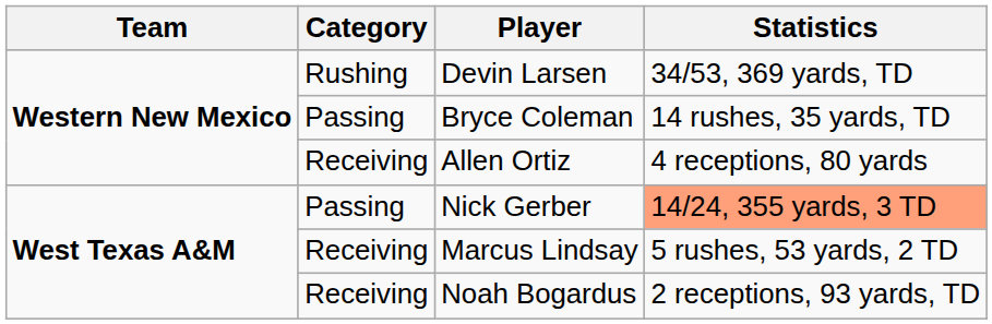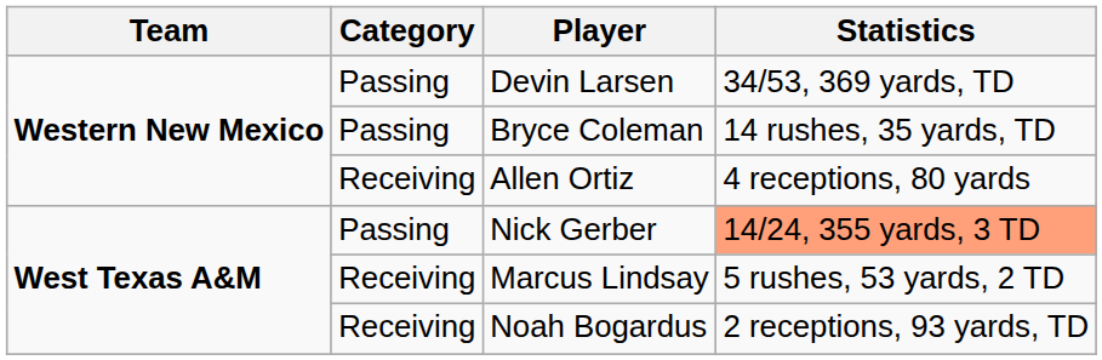 <table class="wikitable" style="float: right;">
 <tr>
 <th>Team</th>
 <th>Category</th>
 <th>Player</th>
 <th>Statistics</th>
 </tr>
 <tr>
 <td rowspan=3><strong>Western New Mexico</strong></td>
-<td>Rushing</td>
+<td>Passing</td>
 <td>Devin Larsen</td>
 <td>34/53, 369 yards, TD</td>
 </tr>
 <tr>
 <td>Passing</td>
 <td>Bryce Coleman</td>
 <td>14 rushes, 35 yards, TD</td>
 </tr>
 <tr>
 <td>Receiving</td>
 <td>Allen Ortiz</td>
 <td>4 receptions, 80 yards</td>
 </tr>
 <tr>
 <td rowspan=3><strong>West Texas A&M</strong></td>
 <td>Passing</td>
 <td>Nick Gerber</td>
 <td style="background: lightsalmon;">14/24, 355 yards, 3 TD</td>
 </tr>
 <tr>
 <td>Receiving</td>
 <td>Marcus Lindsay</td>
 <td>5 rushes, 53 yards, 2 TD</td>
 </tr>
 <tr>
 <td>Receiving</td>
 <td>Noah Bogardus</td>
 <td>2 receptions, 93 yards, TD</td>
 </tr>
 </table>
